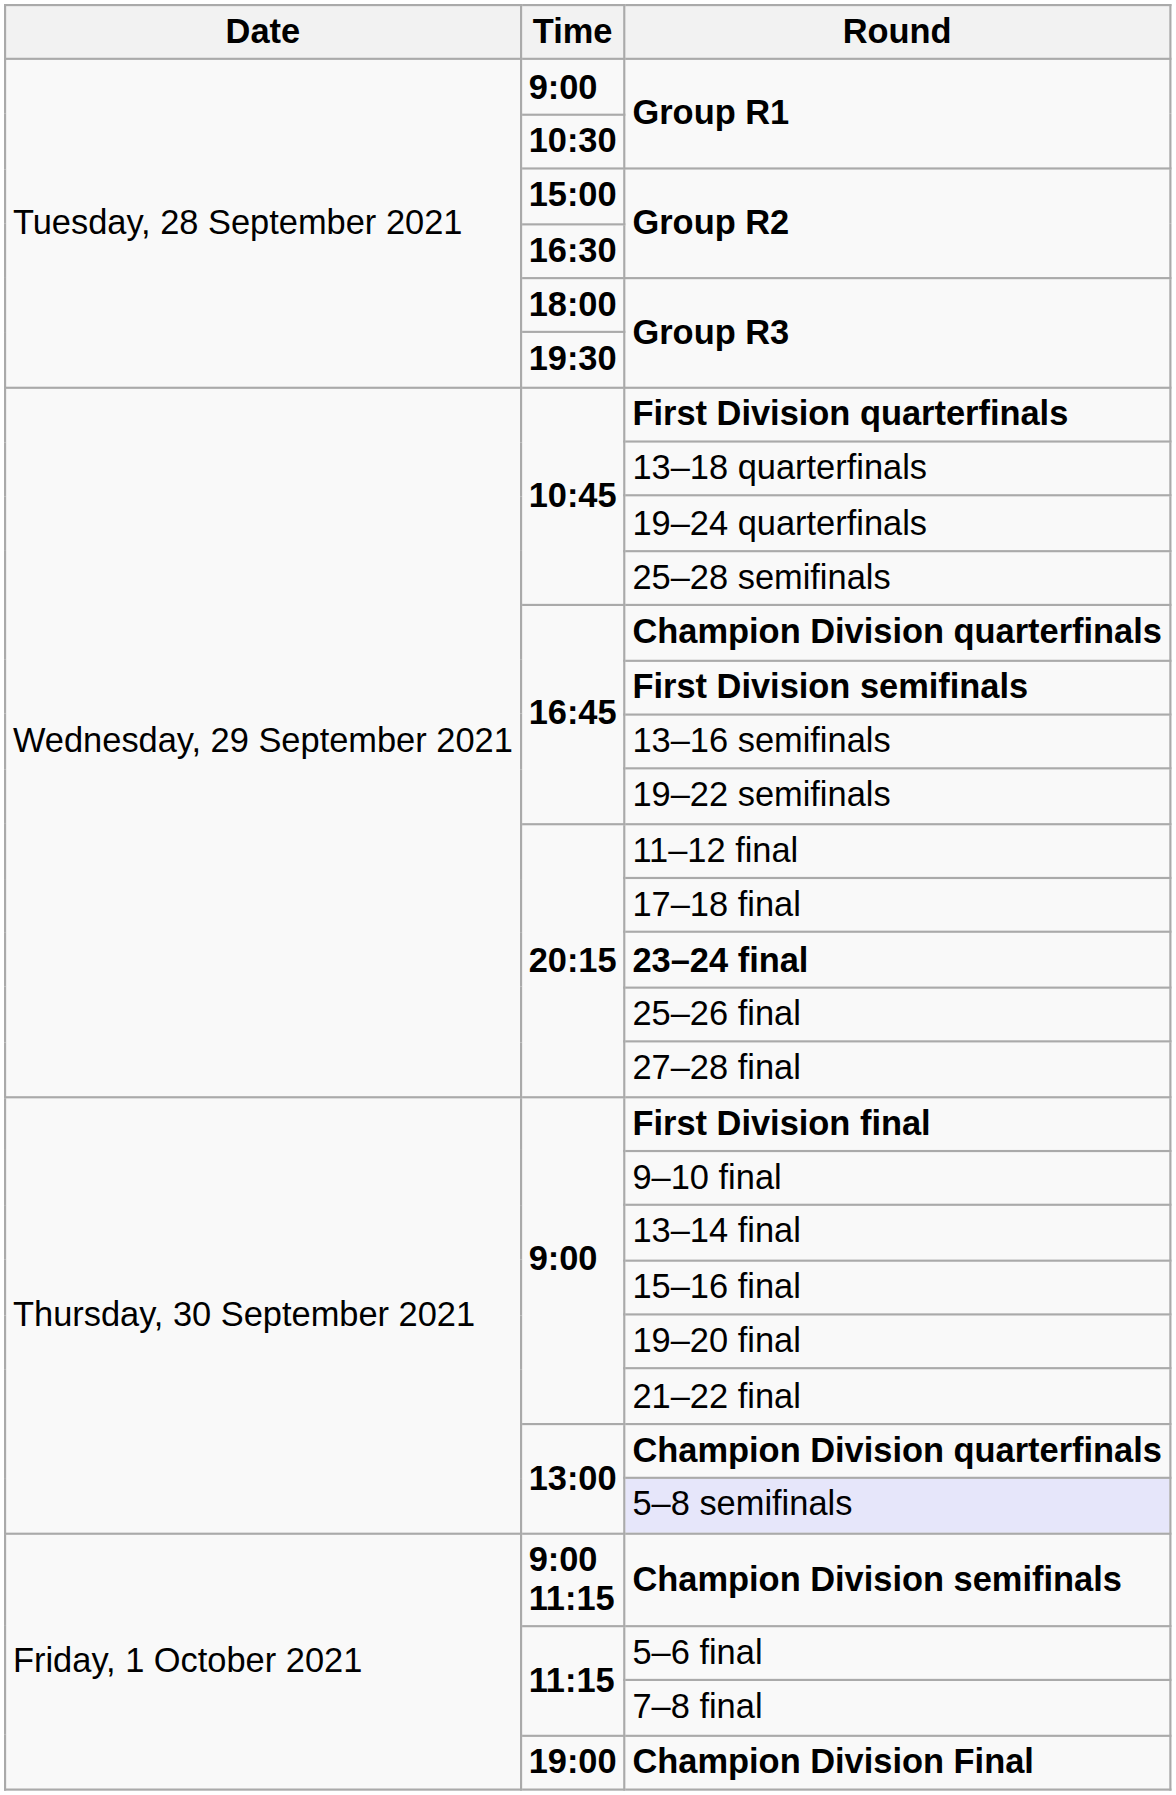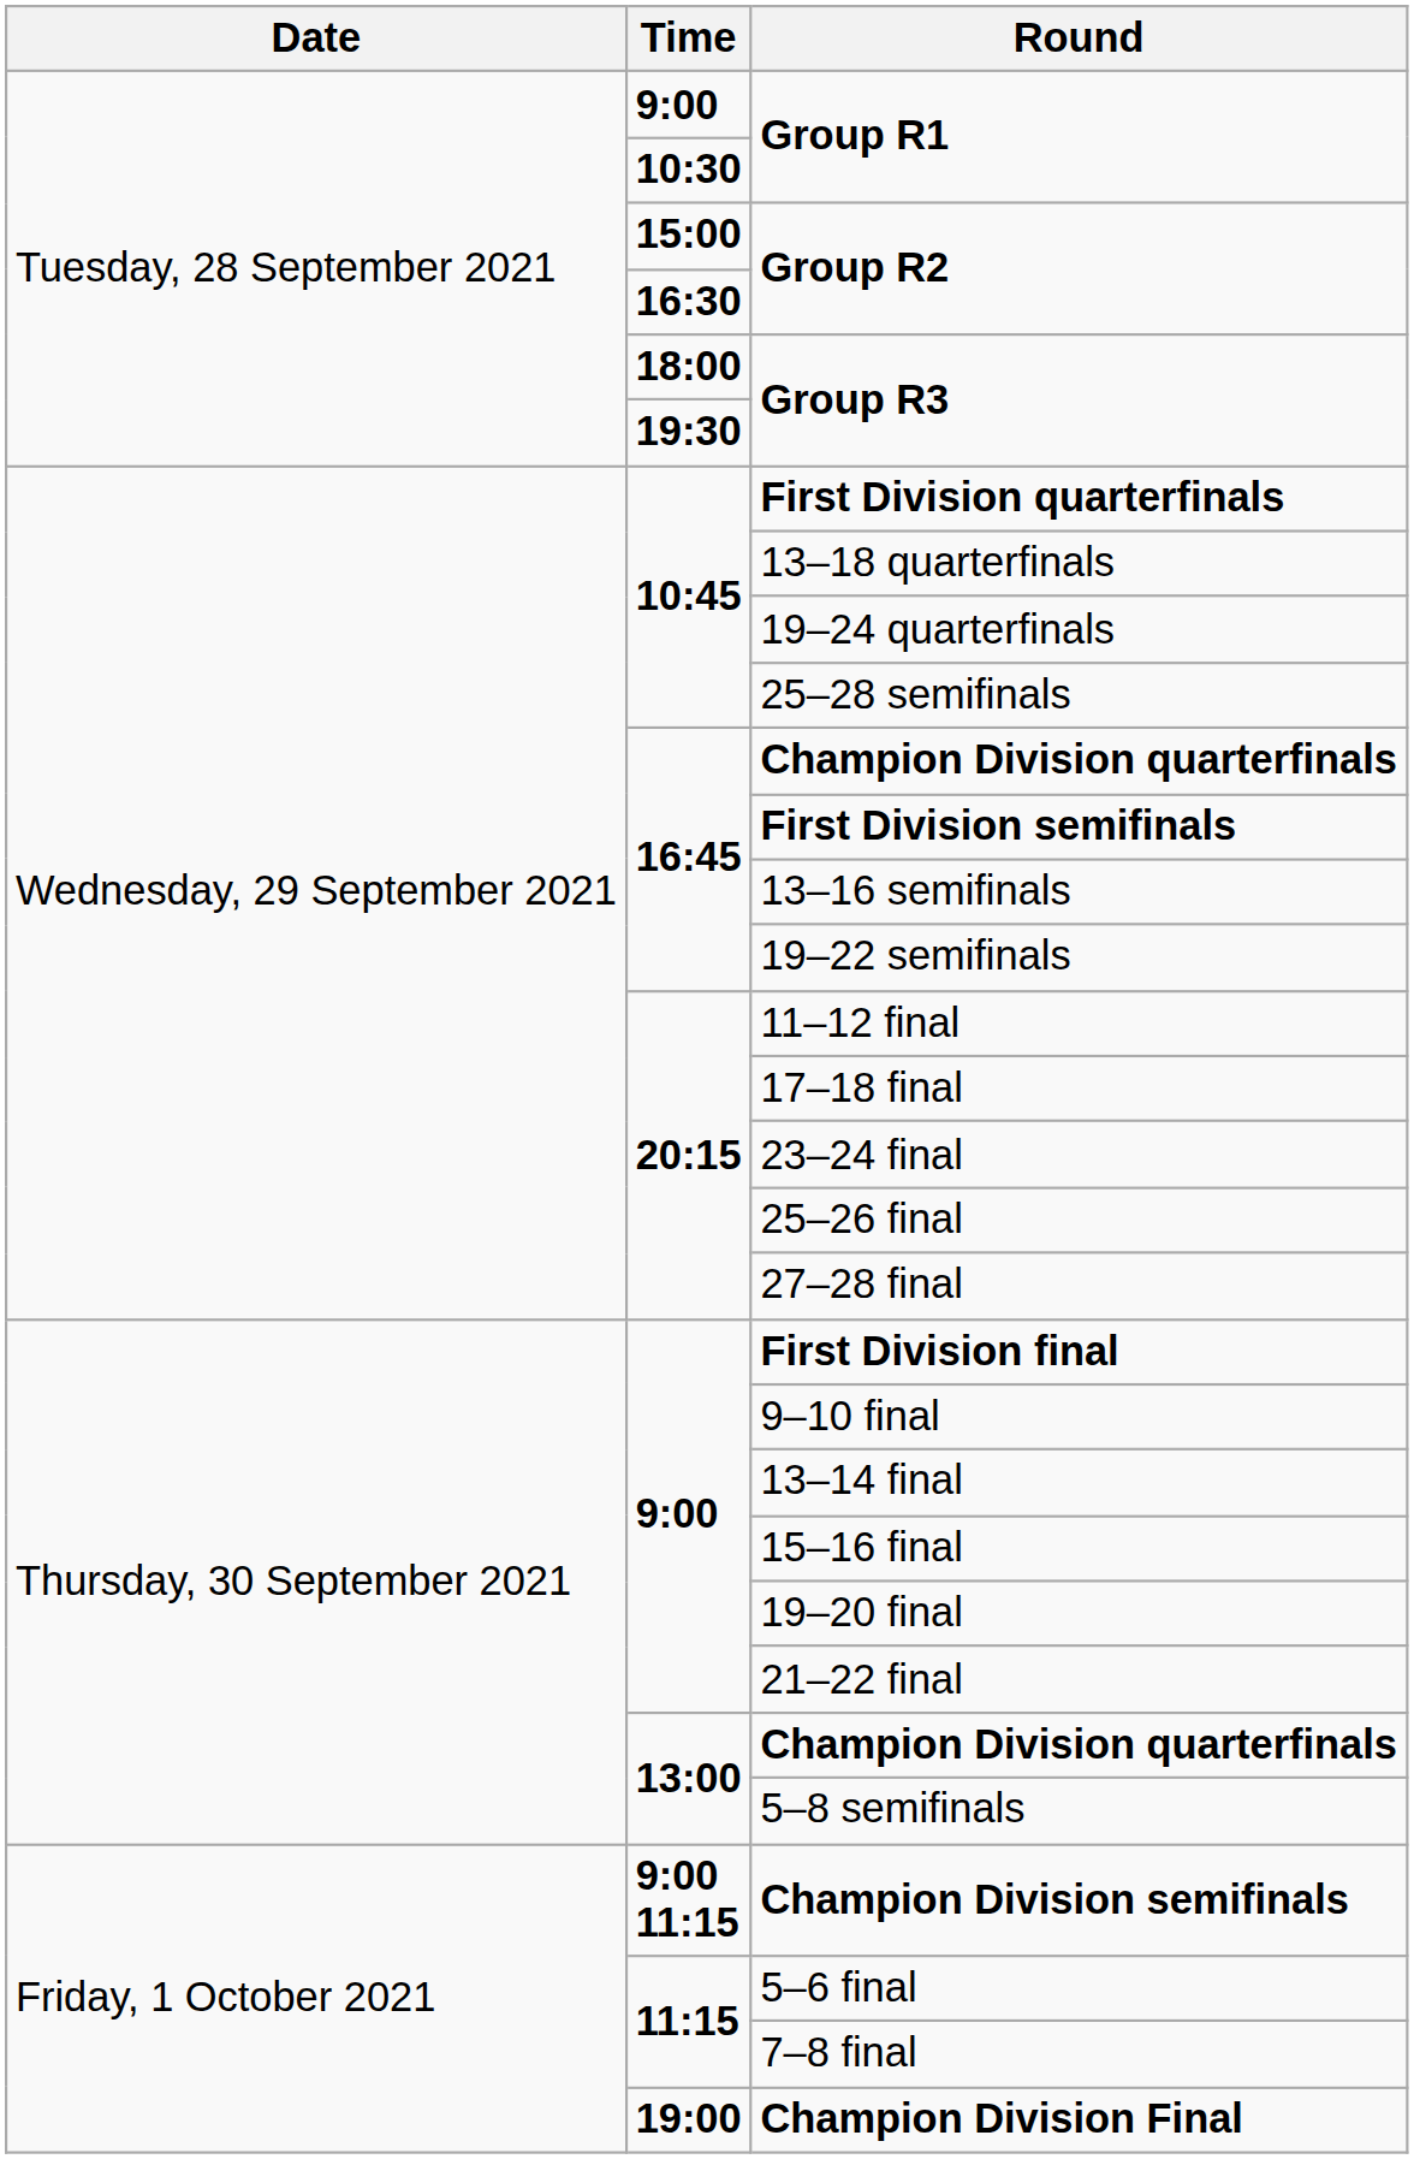 <table class="wikitable">
 <tr>
 <th>Date</th>
 <th>Time</th>
 <th>Round</th>
 </tr>
 <tr>
 <td rowspan=6>Tuesday, 28 September 2021</td>
 <td><strong>9:00</strong></td>
 <td rowspan=2><strong>Group R1</strong></td>
 </tr>
 <tr>
 <td><strong>10:30</strong></td>
 </tr>
 <tr>
 <td><strong>15:00</strong></td>
 <td rowspan=2><strong>Group R2</strong></td>
 </tr>
 <tr>
 <td><strong>16:30</strong></td>
 </tr>
 <tr>
 <td><strong>18:00</strong></td>
 <td rowspan=2><strong>Group R3</strong></td>
 </tr>
 <tr>
 <td><strong>19:30</strong></td>
 </tr>
 <tr>
 <td rowspan=13>Wednesday, 29 September 2021</td>
 <td rowspan=4><strong>10:45</strong></td>
 <td><strong>First Division quarterfinals</strong></td>
 </tr>
 <tr>
 <td>13–18 quarterfinals</td>
 </tr>
 <tr>
 <td>19–24 quarterfinals</td>
 </tr>
 <tr>
 <td>25–28 semifinals</td>
 </tr>
 <tr>
 <td rowspan=4><strong>16:45</strong></td>
 <td><strong>Champion Division quarterfinals</strong></td>
 </tr>
 <tr>
 <td><strong>First Division semifinals</strong></td>
 </tr>
 <tr>
 <td>13–16 semifinals</td>
 </tr>
 <tr>
 <td>19–22 semifinals</td>
 </tr>
 <tr>
 <td rowspan=5><strong>20:15</strong></td>
 <td>11–12 final</td>
 </tr>
 <tr>
 <td>17–18 final</td>
 </tr>
 <tr>
-<td><strong>23–24 final</strong></td>
+<td>23–24 final</td>
 </tr>
 <tr>
 <td>25–26 final</td>
 </tr>
 <tr>
 <td>27–28 final</td>
 </tr>
 <tr>
 <td rowspan=8>Thursday, 30 September 2021</td>
 <td rowspan=6><strong>9:00</strong></td>
 <td><strong>First Division final</strong></td>
 </tr>
 <tr>
 <td>9–10 final</td>
 </tr>
 <tr>
 <td>13–14 final</td>
 </tr>
 <tr>
 <td>15–16 final</td>
 </tr>
 <tr>
 <td>19–20 final</td>
 </tr>
 <tr>
 <td>21–22 final</td>
 </tr>
 <tr>
 <td rowspan=2><strong>13:00</strong></td>
 <td><strong>Champion Division quarterfinals</strong></td>
 </tr>
 <tr>
-<td style="background: lavender;">5–8 semifinals</td>
+<td>5–8 semifinals</td>
 </tr>
 <tr>
 <td rowspan=4>Friday, 1 October 2021</td>
 <td><strong>9:00<br>11:15</strong></td>
 <td><strong>Champion Division semifinals</strong></td>
 </tr>
 <tr>
 <td rowspan=2><strong>11:15</strong></td>
 <td>5–6 final</td>
 </tr>
 <tr>
 <td>7–8 final</td>
 </tr>
 <tr>
 <td><strong>19:00</strong></td>
 <td><strong>Champion Division Final</strong></td>
 </tr>
 </table>
